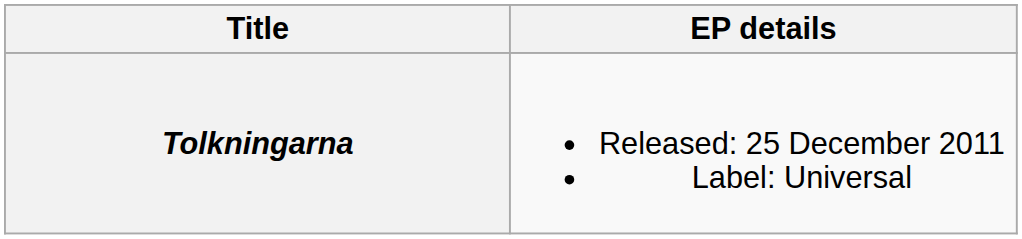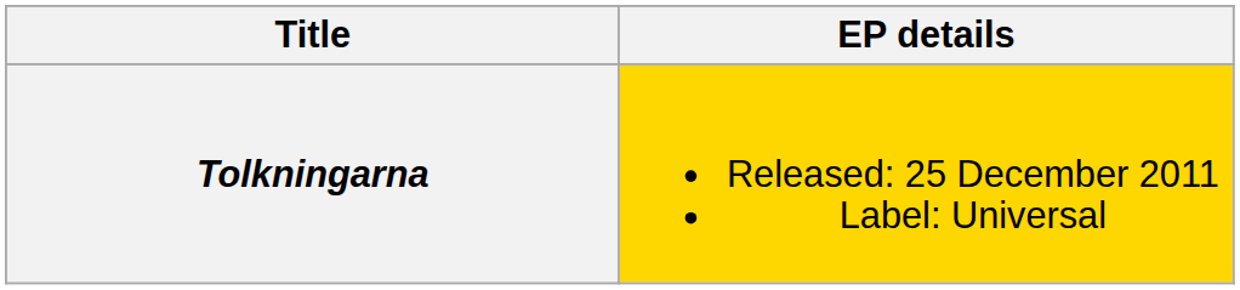 <table class="wikitable plainrowheaders" style="text-align:center;" border="1">
 <tr>
 <th scope="col" style="width:16em;">Title</th>
 <th scope="col" style="width:16em;">EP details</th>
 </tr>
 <tr>
 <th scope="row"><em>Tolkningarna</em></th>
-<td><br><ul><li>Released: 25 December 2011</li><li>Label: Universal</li></ul></td>
+<td style="background: gold;"><br><ul><li>Released: 25 December 2011</li><li>Label: Universal</li></ul></td>
 </tr>
 </table>
